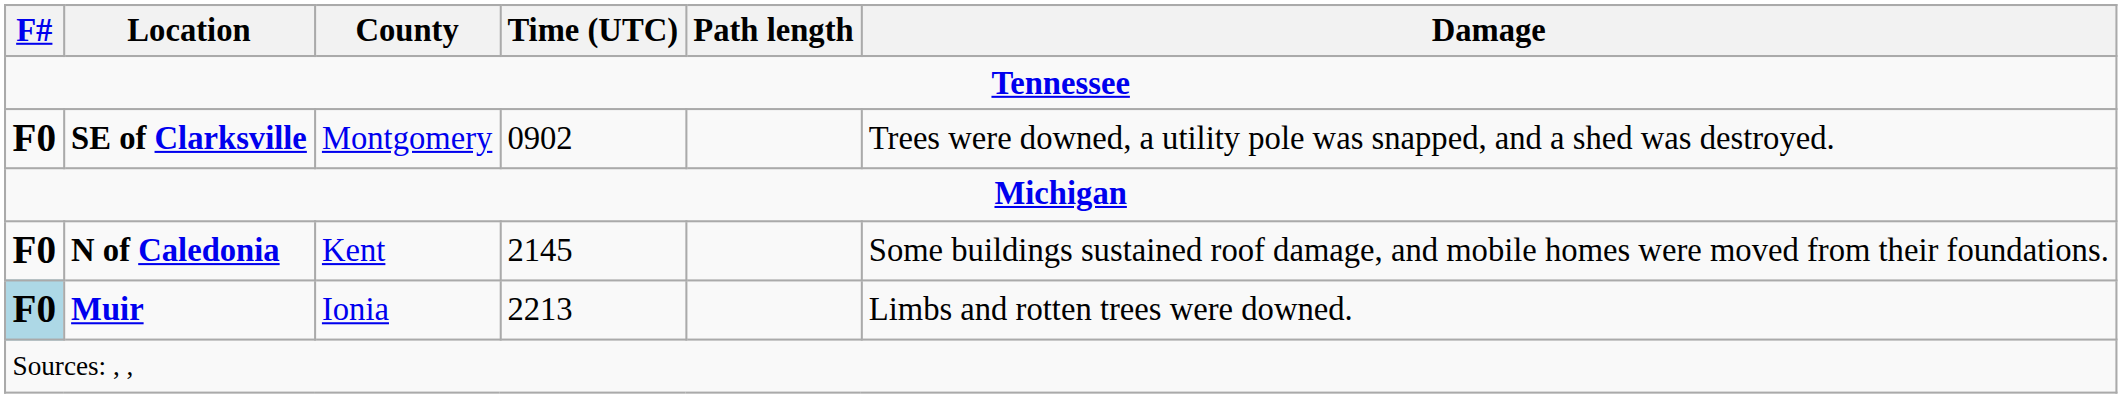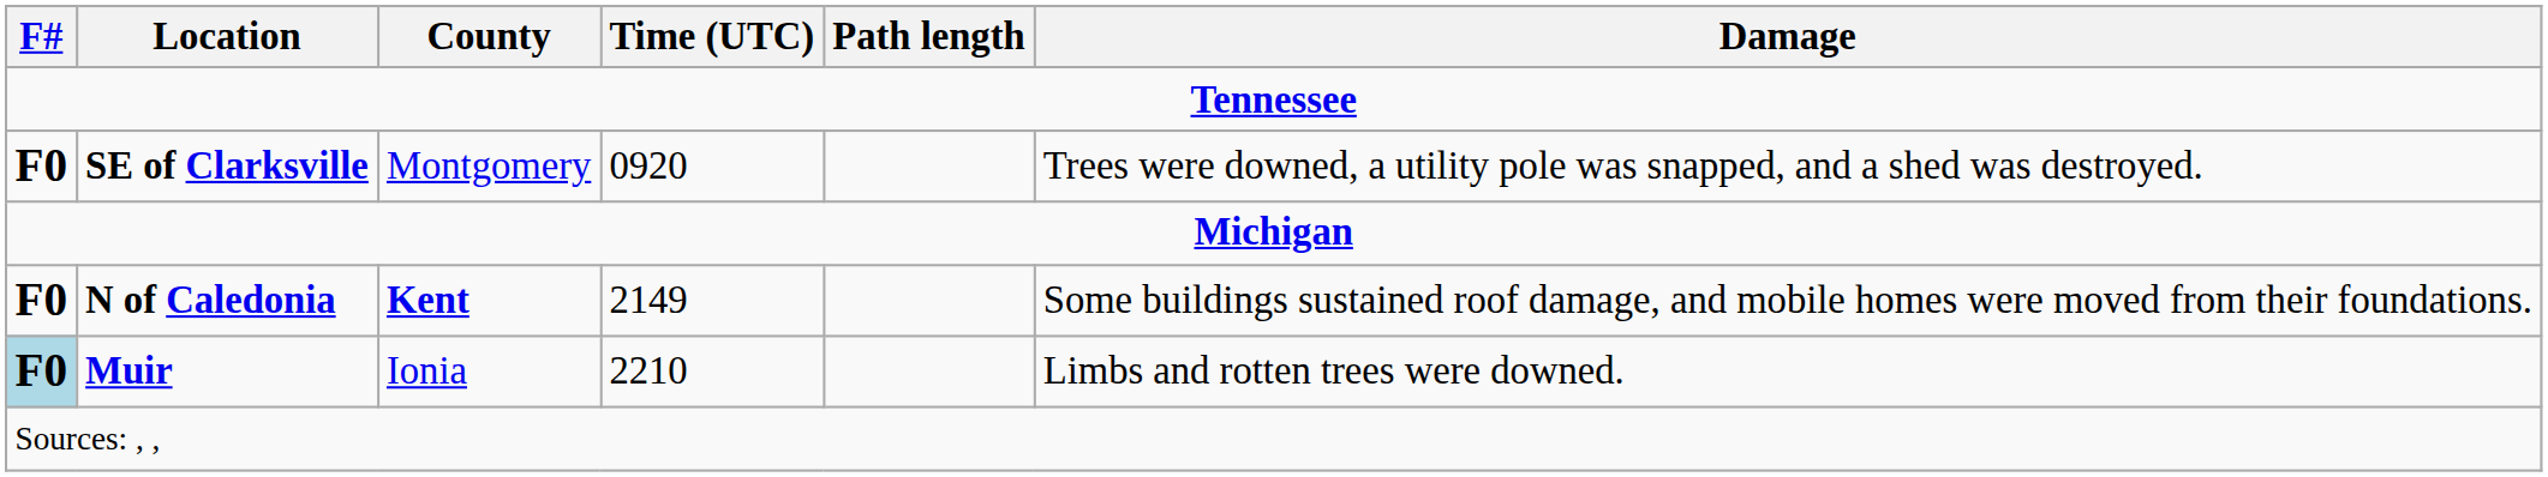 <table class="wikitable">
 <tr>
 <th><strong><a href='#'>F#</a></strong></th>
 <th><strong>Location</strong></th>
 <th><strong>County</strong></th>
 <th><strong>Time (UTC)</strong></th>
 <th><strong>Path length</strong></th>
 <th><strong>Damage</strong></th>
 </tr>
 <tr>
 <td colspan="7" align=center><strong><a href='#'>Tennessee</a></strong></td>
 </tr>
 <tr>
 <td><big><strong>F0</strong></big></td>
 <td><strong>SE of <a href='#'>Clarksville</a></strong></td>
 <td><a href='#'>Montgomery</a></td>
-<td>0902</td>
+<td>0920</td>
 <td></td>
 <td>Trees were downed, a utility pole was snapped, and a shed was destroyed.</td>
 </tr>
 <tr>
 <td colspan="7" align=center><strong><a href='#'>Michigan</a></strong></td>
 </tr>
 <tr>
 <td><big><strong>F0</strong></big></td>
 <td><strong>N of <a href='#'>Caledonia</a></strong></td>
-<td><a href='#'>Kent</a></td>
-<td>2145</td>
+<td><strong><a href='#'>Kent</a></strong></td>
+<td>2149</td>
 <td></td>
 <td>Some buildings sustained roof damage, and mobile homes were moved from their foundations.</td>
 </tr>
 <tr>
 <td style="background: lightblue;"><big><strong>F0</strong></big></td>
 <td><strong><a href='#'>Muir</a></strong></td>
 <td><a href='#'>Ionia</a></td>
-<td>2213</td>
+<td>2210</td>
 <td></td>
 <td>Limbs and rotten trees were downed.</td>
 </tr>
 <tr>
 <td colspan="7"><small>Sources: , , </small></td>
 </tr>
 </table>
